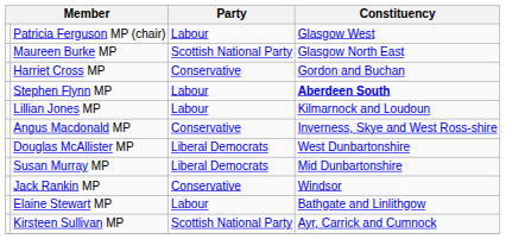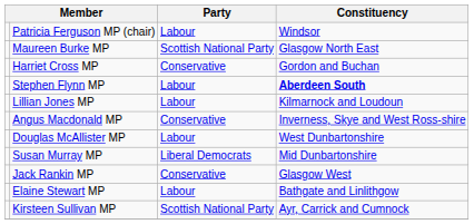 <table class="wikitable sortable">
 <tr>
 <th colspan="2" valign="top">Member</th>
 <th valign="top">Party</th>
 <th valign="top">Constituency</th>
 </tr>
 <tr>
 <td style="color:inherit;background:"></td>
 <td><a href='#'>Patricia Ferguson</a> MP (chair)</td>
 <td><a href='#'>Labour</a></td>
-<td><a href='#'>Glasgow West</a></td>
+<td><a href='#'>Windsor</a></td>
 </tr>
 <tr>
 <td style="color:inherit;background:"></td>
 <td><a href='#'>Maureen Burke</a> MP</td>
 <td><a href='#'>Scottish National Party</a></td>
 <td><a href='#'>Glasgow North East</a></td>
 </tr>
 <tr>
 <td style="color:inherit;background:"></td>
 <td><a href='#'>Harriet Cross</a> MP</td>
 <td><a href='#'>Conservative</a></td>
 <td><a href='#'>Gordon and Buchan</a></td>
 </tr>
 <tr>
 <td style="color:inherit;background:"></td>
 <td><a href='#'>Stephen Flynn</a> MP</td>
 <td><a href='#'>Labour</a></td>
 <td><strong><a href='#'>Aberdeen South</a></strong></td>
 </tr>
 <tr>
 <td style="color:inherit;background:"></td>
 <td><a href='#'>Lillian Jones</a> MP</td>
 <td><a href='#'>Labour</a></td>
 <td><a href='#'>Kilmarnock and Loudoun</a></td>
 </tr>
 <tr>
 <td style="color:inherit;background:"></td>
 <td><a href='#'>Angus Macdonald</a> MP</td>
 <td><a href='#'>Conservative</a></td>
 <td><a href='#'>Inverness, Skye and West Ross-shire</a></td>
 </tr>
 <tr>
 <td style="color:inherit;background:"></td>
 <td><a href='#'>Douglas McAllister</a> MP</td>
-<td><a href='#'>Liberal Democrats</a></td>
+<td><a href='#'>Labour</a></td>
 <td><a href='#'>West Dunbartonshire</a></td>
 </tr>
 <tr>
 <td style="color:inherit;background:"></td>
 <td><a href='#'>Susan Murray</a> MP</td>
 <td><a href='#'>Liberal Democrats</a></td>
 <td><a href='#'>Mid Dunbartonshire</a></td>
 </tr>
 <tr>
 <td style="color:inherit;background:"></td>
 <td><a href='#'>Jack Rankin</a> MP</td>
 <td><a href='#'>Conservative</a></td>
-<td><a href='#'>Windsor</a></td>
+<td><a href='#'>Glasgow West</a></td>
 </tr>
 <tr>
 <td style="color:inherit;background:"></td>
 <td><a href='#'>Elaine Stewart</a> MP</td>
 <td><a href='#'>Labour</a></td>
 <td><a href='#'>Bathgate and Linlithgow</a></td>
 </tr>
 <tr>
 <td style="color:inherit;background:"></td>
 <td><a href='#'>Kirsteen Sullivan</a> MP</td>
 <td><a href='#'>Scottish National Party</a></td>
 <td><a href='#'>Ayr, Carrick and Cumnock</a></td>
 </tr>
 <tr>
 </tr>
 </table>
